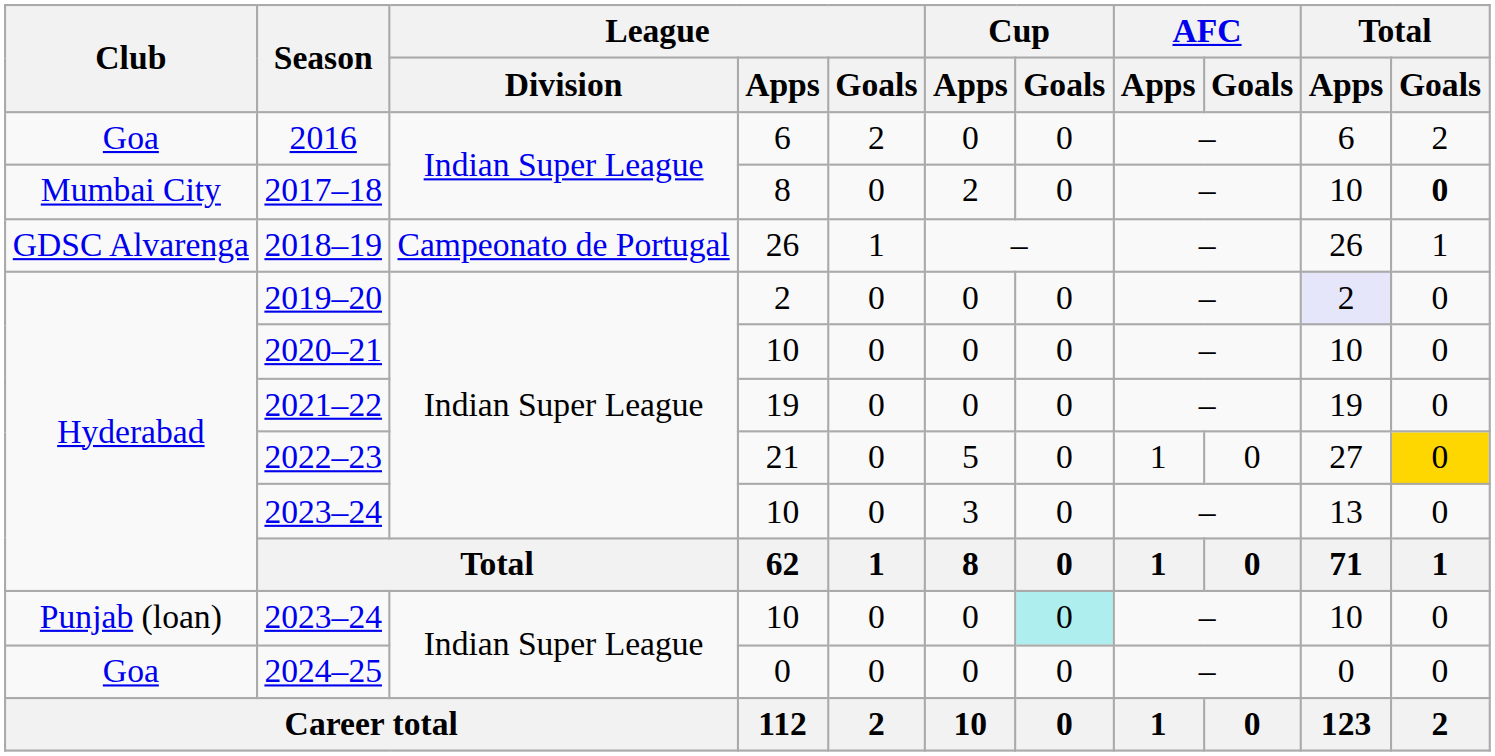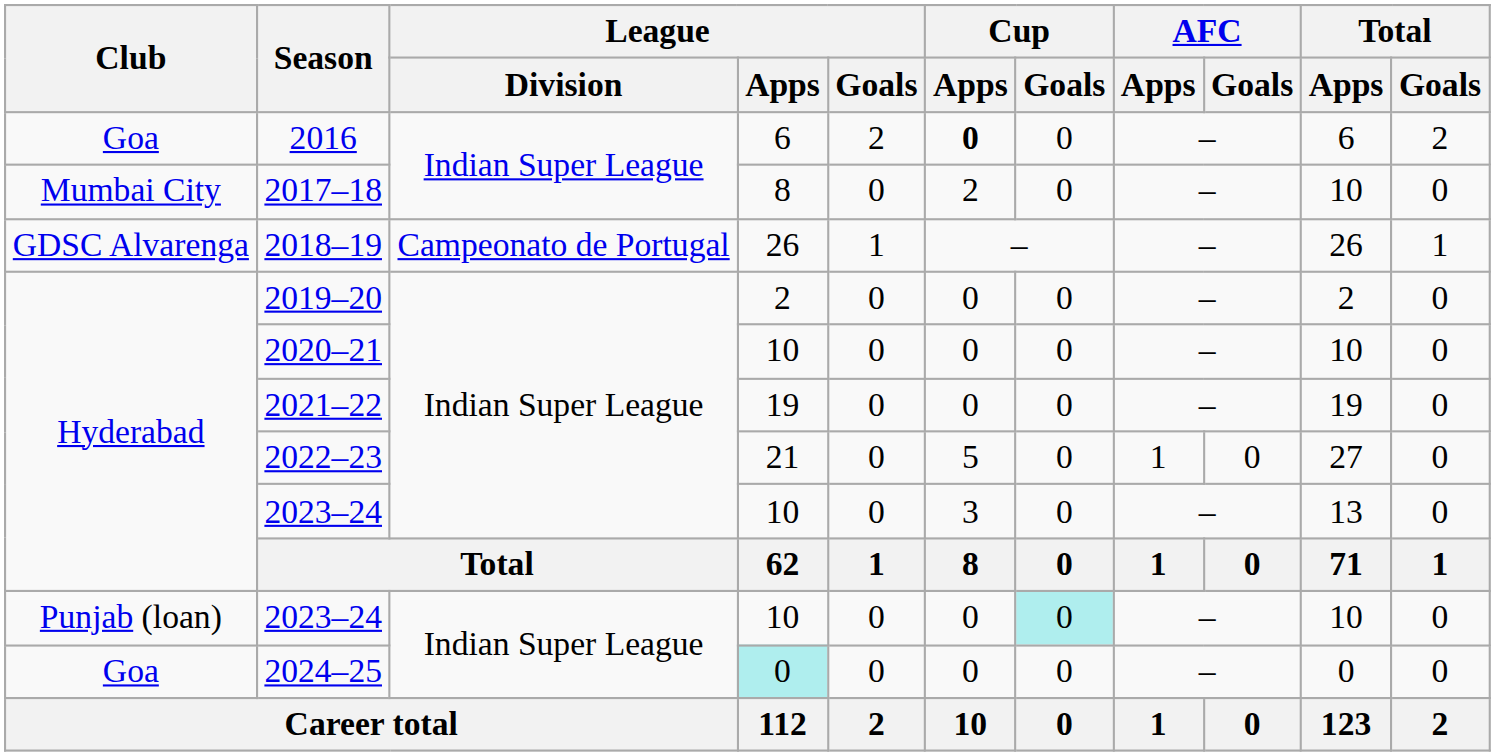 <table class="wikitable" style="text-align: center;">
 <tr>
 <th rowspan="2">Club</th>
 <th rowspan="2">Season</th>
 <th colspan="3">League</th>
 <th colspan="2">Cup</th>
 <th colspan="2"><a href='#'>AFC</a></th>
 <th colspan="2">Total</th>
 </tr>
 <tr>
 <th>Division</th>
 <th>Apps</th>
 <th>Goals</th>
 <th>Apps</th>
 <th>Goals</th>
 <th>Apps</th>
 <th>Goals</th>
 <th>Apps</th>
 <th>Goals</th>
 </tr>
 <tr>
 <td rowspan="1"><a href='#'>Goa</a></td>
 <td><a href='#'>2016</a></td>
 <td rowspan="2"><a href='#'>Indian Super League</a></td>
 <td>6</td>
 <td>2</td>
-<td>0</td>
+<td><strong>0</strong></td>
 <td>0</td>
 <td colspan="2">–</td>
 <td>6</td>
 <td>2</td>
 </tr>
 <tr>
 <td rowspan="1"><a href='#'>Mumbai City</a></td>
 <td><a href='#'>2017–18</a></td>
 <td>8</td>
 <td>0</td>
 <td>2</td>
 <td>0</td>
 <td colspan="2">–</td>
 <td>10</td>
-<td><strong>0</strong></td>
+<td>0</td>
 </tr>
 <tr>
 <td rowspan="1"><a href='#'>GDSC Alvarenga</a></td>
 <td><a href='#'>2018–19</a></td>
 <td rowspan="1"><a href='#'>Campeonato de Portugal</a></td>
 <td>26</td>
 <td>1</td>
 <td colspan="2">–</td>
 <td colspan="2 ">–</td>
 <td>26</td>
 <td>1</td>
 </tr>
 <tr>
 <td rowspan="6"><a href='#'>Hyderabad</a></td>
 <td><a href='#'>2019–20</a></td>
 <td rowspan="5">Indian Super League</td>
 <td>2</td>
 <td>0</td>
 <td>0</td>
 <td>0</td>
 <td colspan="2">–</td>
-<td style="background: lavender;">2</td>
+<td>2</td>
 <td>0</td>
 </tr>
 <tr>
 <td><a href='#'>2020–21</a></td>
 <td>10</td>
 <td>0</td>
 <td>0</td>
 <td>0</td>
 <td colspan="2">–</td>
 <td>10</td>
 <td>0</td>
 </tr>
 <tr>
 <td><a href='#'>2021–22</a></td>
 <td>19</td>
 <td>0</td>
 <td>0</td>
 <td>0</td>
 <td colspan="2">–</td>
 <td>19</td>
 <td>0</td>
 </tr>
 <tr>
 <td><a href='#'>2022–23</a></td>
 <td>21</td>
 <td>0</td>
 <td>5</td>
 <td>0</td>
 <td>1</td>
 <td>0</td>
 <td>27</td>
-<td style="background: gold;">0</td>
+<td>0</td>
 </tr>
 <tr>
 <td><a href='#'>2023–24</a></td>
 <td>10</td>
 <td>0</td>
 <td>3</td>
 <td>0</td>
 <td colspan="2">–</td>
 <td>13</td>
 <td>0</td>
 </tr>
 <tr>
 <th colspan="2">Total</th>
 <th>62</th>
 <th>1</th>
 <th>8</th>
 <th>0</th>
 <th>1</th>
 <th>0</th>
 <th>71</th>
 <th>1</th>
 </tr>
 <tr>
 <td><a href='#'>Punjab</a> (loan)</td>
 <td><a href='#'>2023–24</a></td>
 <td rowspan="2">Indian Super League</td>
 <td>10</td>
 <td>0</td>
 <td>0</td>
 <td style="background: paleturquoise;">0</td>
 <td colspan="2">–</td>
 <td>10</td>
 <td>0</td>
 </tr>
 <tr>
 <td><a href='#'>Goa</a></td>
 <td><a href='#'>2024–25</a></td>
-<td>0</td>
+<td style="background: paleturquoise;">0</td>
 <td>0</td>
 <td>0</td>
 <td>0</td>
 <td colspan="2">–</td>
 <td>0</td>
 <td>0</td>
 </tr>
 <tr>
 <th colspan="3">Career total</th>
 <th>112</th>
 <th>2</th>
 <th>10</th>
 <th>0</th>
 <th>1</th>
 <th>0</th>
 <th>123</th>
 <th>2</th>
 </tr>
 </table>
